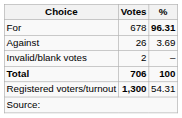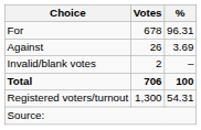 <table class=wikitable style=text-align:right>
 <tr>
 <th>Choice</th>
 <th>Votes</th>
 <th>%</th>
 </tr>
 <tr>
 <td align=left>For</td>
 <td>678</td>
-<td><strong>96.31</strong></td>
+<td>96.31</td>
 </tr>
 <tr>
 <td align=left>Against</td>
 <td>26</td>
 <td>3.69</td>
 </tr>
 <tr>
 <td align=left>Invalid/blank votes</td>
 <td>2</td>
 <td>–</td>
 </tr>
 <tr>
 <td align=left><strong>Total</strong></td>
 <td><strong>706</strong></td>
 <td><strong>100</strong></td>
 </tr>
 <tr>
 <td align=left>Registered voters/turnout</td>
-<td><strong>1,300</strong></td>
+<td>1,300</td>
 <td>54.31</td>
 </tr>
 <tr>
 <td colspan=14 align=left>Source: </td>
 </tr>
 </table>
